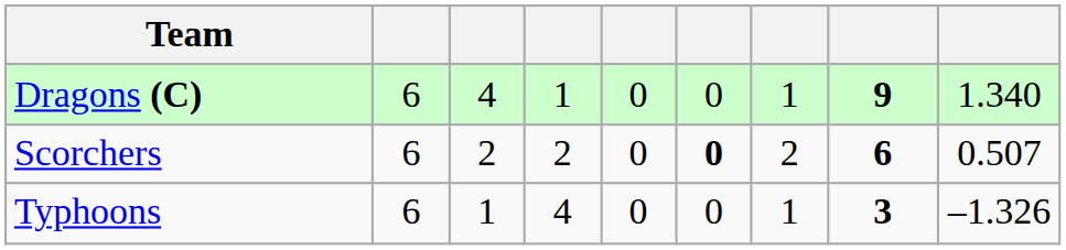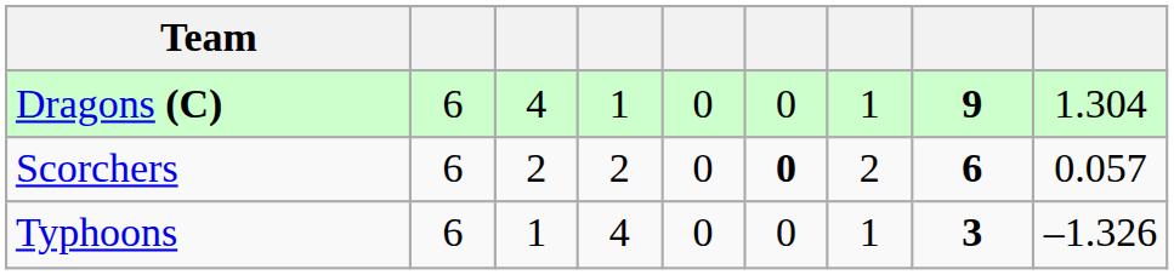 <table class="wikitable" style="text-align:center">
 <tr>
 <th width="150">Team</th>
 <th width="25"></th>
 <th width="25"></th>
 <th width="25"></th>
 <th width="25"></th>
 <th width="25"></th>
 <th width="25"></th>
 <th width="40"></th>
 <th width="45"></th>
 </tr>
 <tr style="background:#cfc">
 <td style="text-align:left"><a href='#'>Dragons</a> <strong>(C)</strong></td>
 <td>6</td>
 <td>4</td>
 <td>1</td>
 <td>0</td>
 <td>0</td>
 <td>1</td>
 <td><strong>9</strong></td>
-<td>1.340</td>
+<td>1.304</td>
 </tr>
 <tr>
 <td style="text-align:left"><a href='#'>Scorchers</a></td>
 <td>6</td>
 <td>2</td>
 <td>2</td>
 <td>0</td>
 <td><strong>0</strong></td>
 <td>2</td>
 <td><strong>6</strong></td>
-<td>0.507</td>
+<td>0.057</td>
 </tr>
 <tr>
 <td style="text-align:left"><a href='#'>Typhoons</a></td>
 <td>6</td>
 <td>1</td>
 <td>4</td>
 <td>0</td>
 <td>0</td>
 <td>1</td>
 <td><strong>3</strong></td>
 <td>–1.326</td>
 </tr>
 </table>
